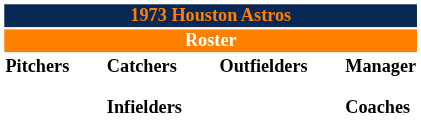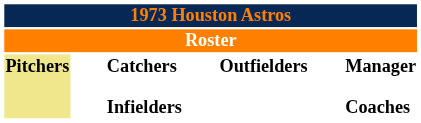 <table class="toccolours" style="text-align: left;">
 <tr>
 <th colspan="10" style="background-color: #072854; color: #FF7F00; text-align: center;">1973 Houston Astros</th>
 </tr>
 <tr>
 <td colspan="10" style="background-color: #FF7F00; color: white; text-align: center;"><strong>Roster</strong></td>
 </tr>
 <tr>
-<td valign="top"><strong>Pitchers</strong><br>              </td>
+<td valign="top" style="background: khaki;"><strong>Pitchers</strong><br>              </td>
 <td width="25px"></td>
 <td valign="top"><strong>Catchers</strong><br>   <br><strong>Infielders</strong>           </td>
 <td width="25px"></td>
 <td valign="top"><strong>Outfielders</strong><br>        </td>
 <td width="25px"></td>
 <td valign="top"><strong>Manager</strong><br><br><strong>Coaches</strong>    </td>
 </tr>
 </table>
